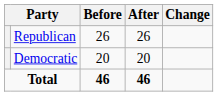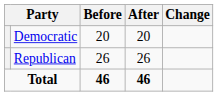 <table class="wikitable" style="text-align:center;">
 <tr>
 <th colspan="2">Party</th>
 <th>Before</th>
 <th>After</th>
 <th>Change</th>
 </tr>
 <tr>
 <th style="background-color:"></th>
-<td style="text-align:left;"><a href='#'>Republican</a></td>
-<td>26</td>
-<td>26</td>
+<td style="text-align:left;"><a href='#'>Democratic</a></td>
+<td>20</td>
+<td>20</td>
 <td></td>
 </tr>
 <tr>
 <th style="background-color:"></th>
-<td style="text-align:left;"><a href='#'>Democratic</a></td>
-<td>20</td>
-<td>20</td>
+<td style="text-align:left;"><a href='#'>Republican</a></td>
+<td>26</td>
+<td>26</td>
 <td></td>
 </tr>
 <tr>
 <td colspan="2"><strong>Total</strong></td>
 <td><strong>46</strong></td>
 <td><strong>46</strong></td>
 <td></td>
 </tr>
 </table>
